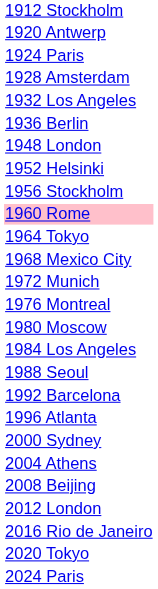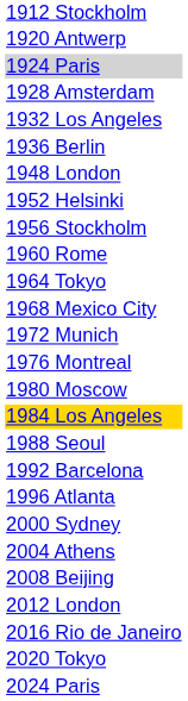 <table>
 <tr valign="top">
 <td><a href='#'>1912 Stockholm</a><br></td>
 <td></td>
 <td></td>
 <td></td>
 </tr>
 <tr valign="top">
 <td><a href='#'>1920 Antwerp</a><br></td>
 <td></td>
 <td></td>
 <td></td>
 </tr>
 <tr valign="top">
-<td><a href='#'>1924 Paris</a><br></td>
+<td style="background: lightgrey;"><a href='#'>1924 Paris</a><br></td>
 <td></td>
 <td></td>
 <td></td>
 </tr>
 <tr valign="top">
 <td><a href='#'>1928 Amsterdam</a><br></td>
 <td></td>
 <td></td>
 <td></td>
 </tr>
 <tr valign="top">
 <td><a href='#'>1932 Los Angeles</a><br></td>
 <td></td>
 <td></td>
 <td></td>
 </tr>
 <tr valign="top">
 <td><a href='#'>1936 Berlin</a><br></td>
 <td></td>
 <td></td>
 <td></td>
 </tr>
 <tr valign="top">
 <td><a href='#'>1948 London</a><br></td>
 <td></td>
 <td></td>
 <td></td>
 </tr>
 <tr valign="top">
 <td><a href='#'>1952 Helsinki</a><br></td>
 <td></td>
 <td></td>
 <td></td>
 </tr>
 <tr valign="top">
 <td><a href='#'>1956 Stockholm</a><br></td>
 <td></td>
 <td></td>
 <td></td>
 </tr>
 <tr valign="top">
-<td style="background: pink;"><a href='#'>1960 Rome</a><br></td>
+<td><a href='#'>1960 Rome</a><br></td>
 <td></td>
 <td></td>
 <td></td>
 </tr>
 <tr valign="top">
 <td><a href='#'>1964 Tokyo</a><br></td>
 <td></td>
 <td></td>
 <td></td>
 </tr>
 <tr valign="top">
 <td><a href='#'>1968 Mexico City</a><br></td>
 <td></td>
 <td></td>
 <td></td>
 </tr>
 <tr valign="top">
 <td><a href='#'>1972 Munich</a><br></td>
 <td></td>
 <td></td>
 <td></td>
 </tr>
 <tr valign="top">
 <td><a href='#'>1976 Montreal</a><br></td>
 <td></td>
 <td></td>
 <td></td>
 </tr>
 <tr valign="top">
 <td><a href='#'>1980 Moscow</a><br></td>
 <td></td>
 <td></td>
 <td></td>
 </tr>
 <tr valign="top">
-<td><a href='#'>1984 Los Angeles</a><br></td>
+<td style="background: gold;"><a href='#'>1984 Los Angeles</a><br></td>
 <td></td>
 <td></td>
 <td></td>
 </tr>
 <tr valign="top">
 <td><a href='#'>1988 Seoul</a><br></td>
 <td></td>
 <td></td>
 <td></td>
 </tr>
 <tr valign="top">
 <td><a href='#'>1992 Barcelona</a><br></td>
 <td></td>
 <td></td>
 <td></td>
 </tr>
 <tr valign="top">
 <td><a href='#'>1996 Atlanta</a><br></td>
 <td></td>
 <td></td>
 <td></td>
 </tr>
 <tr valign="top">
 <td><a href='#'>2000 Sydney</a><br></td>
 <td></td>
 <td></td>
 <td></td>
 </tr>
 <tr valign="top">
 <td><a href='#'>2004 Athens</a><br></td>
 <td></td>
 <td></td>
 <td></td>
 </tr>
 <tr valign="top">
 <td><a href='#'>2008 Beijing</a><br></td>
 <td></td>
 <td></td>
 <td></td>
 </tr>
 <tr valign="top">
 <td><a href='#'>2012 London</a><br></td>
 <td></td>
 <td></td>
 <td></td>
 </tr>
 <tr valign="top">
 <td><a href='#'>2016 Rio de Janeiro</a><br></td>
 <td></td>
 <td></td>
 <td></td>
 </tr>
 <tr valign="top">
 <td><a href='#'>2020 Tokyo</a><br></td>
 <td></td>
 <td></td>
 <td></td>
 </tr>
 <tr valign="top">
 <td><a href='#'>2024 Paris</a><br></td>
 <td></td>
 <td></td>
 <td></td>
 </tr>
 <tr valign="top">
 </tr>
 </table>
